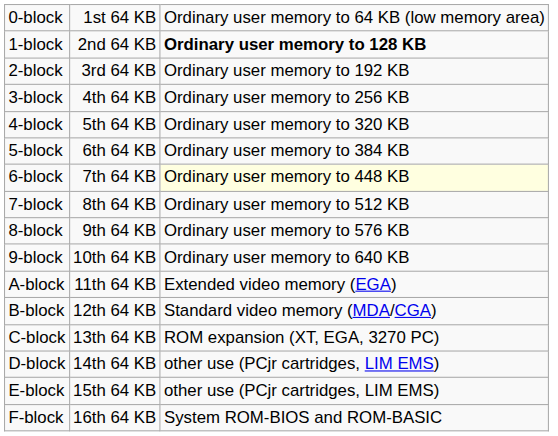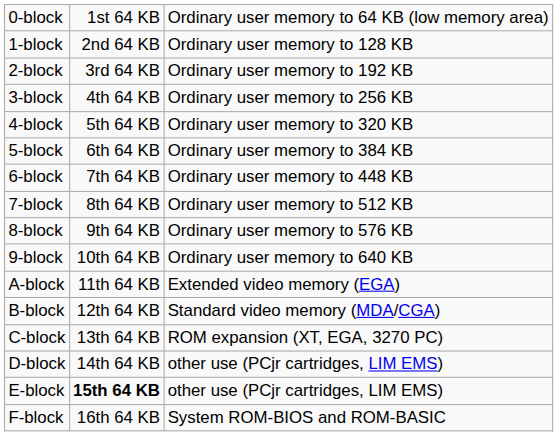 <table class="wikitable floatright">
 <tr>
 <td>0-block</td>
 <td align="right">1st 64 KB</td>
 <td>Ordinary user memory to 64 KB (low memory area)</td>
 </tr>
 <tr>
 <td>1-block</td>
 <td align="right">2nd 64 KB</td>
-<td><strong>Ordinary user memory to 128 KB</strong></td>
+<td>Ordinary user memory to 128 KB</td>
 </tr>
 <tr>
 <td>2-block</td>
 <td align="right">3rd 64 KB</td>
 <td>Ordinary user memory to 192 KB</td>
 </tr>
 <tr>
 <td>3-block</td>
 <td align="right">4th 64 KB</td>
 <td>Ordinary user memory to 256 KB</td>
 </tr>
 <tr>
 <td>4-block</td>
 <td align="right">5th 64 KB</td>
 <td>Ordinary user memory to 320 KB</td>
 </tr>
 <tr>
 <td>5-block</td>
 <td align="right">6th 64 KB</td>
 <td>Ordinary user memory to 384 KB</td>
 </tr>
 <tr>
 <td>6-block</td>
 <td align="right">7th 64 KB</td>
-<td style="background: lightyellow;">Ordinary user memory to 448 KB</td>
+<td>Ordinary user memory to 448 KB</td>
 </tr>
 <tr>
 <td>7-block</td>
 <td align="right">8th 64 KB</td>
 <td>Ordinary user memory to 512 KB</td>
 </tr>
 <tr>
 <td>8-block</td>
 <td align="right">9th 64 KB</td>
 <td>Ordinary user memory to 576 KB</td>
 </tr>
 <tr>
 <td>9-block</td>
 <td align="right">10th 64 KB</td>
 <td>Ordinary user memory to 640 KB</td>
 </tr>
 <tr>
 <td>A-block</td>
 <td align="right">11th 64 KB</td>
 <td>Extended video memory (<a href='#'>EGA</a>)</td>
 </tr>
 <tr>
 <td>B-block</td>
 <td align="right">12th 64 KB</td>
 <td>Standard video memory (<a href='#'>MDA</a>/<a href='#'>CGA</a>)</td>
 </tr>
 <tr>
 <td>C-block</td>
 <td align="right">13th 64 KB</td>
 <td>ROM expansion (XT, EGA, 3270 PC)</td>
 </tr>
 <tr>
 <td>D-block</td>
 <td align="right">14th 64 KB</td>
 <td>other use (PCjr cartridges, <a href='#'>LIM EMS</a>)</td>
 </tr>
 <tr>
 <td>E-block</td>
-<td align="right">15th 64 KB</td>
+<td align="right"><strong>15th 64 KB</strong></td>
 <td>other use (PCjr cartridges, LIM EMS)</td>
 </tr>
 <tr>
 <td>F-block</td>
 <td align="right">16th 64 KB</td>
 <td>System ROM-BIOS and ROM-BASIC</td>
 </tr>
 </table>
